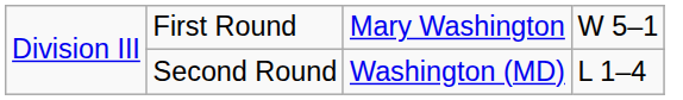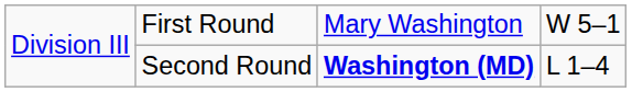 <table class="wikitable">
 <tr>
 <td rowspan="5"><a href='#'>Division III</a></td>
 <td>First Round</td>
 <td><a href='#'>Mary Washington</a></td>
 <td>W 5–1</td>
 </tr>
 <tr>
 <td>Second Round</td>
-<td><a href='#'>Washington (MD)</a></td>
+<td><strong><a href='#'>Washington (MD)</a></strong></td>
 <td>L 1–4</td>
 </tr>
 </table>
